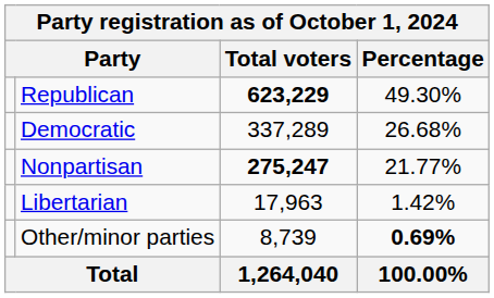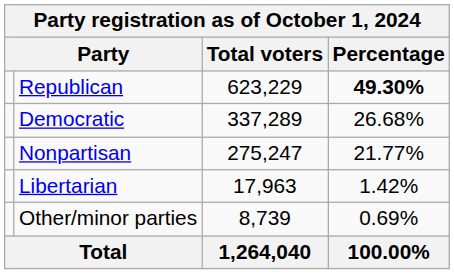 <table class=wikitable style="float:center">
 <tr>
 <th colspan = 6>Party registration as of October 1, 2024</th>
 </tr>
 <tr>
 <th colspan = 2>Party</th>
 <th>Total voters</th>
 <th>Percentage</th>
 </tr>
 <tr>
 <td></td>
 <td><a href='#'>Republican</a></td>
-<td align=center><strong>623,229</strong></td>
-<td align=center>49.30%</td>
+<td align=center>623,229</td>
+<td align=center><strong>49.30%</strong></td>
 </tr>
 <tr>
 <td></td>
 <td><a href='#'>Democratic</a></td>
 <td align=center>337,289</td>
 <td align=center>26.68%</td>
 </tr>
 <tr>
 <td></td>
 <td><a href='#'>Nonpartisan</a></td>
-<td align=center><strong>275,247</strong></td>
+<td align=center>275,247</td>
 <td align=center>21.77%</td>
 </tr>
 <tr>
 <td></td>
 <td><a href='#'>Libertarian</a></td>
 <td align=center>17,963</td>
 <td align=center>1.42%</td>
 </tr>
 <tr>
 <td></td>
 <td>Other/minor parties</td>
 <td align=center>8,739</td>
-<td align=center><strong>0.69%</strong></td>
+<td align=center>0.69%</td>
 </tr>
 <tr>
 <th colspan = 2>Total</th>
 <th align=center>1,264,040</th>
 <th align=center>100.00%</th>
 </tr>
 </table>
